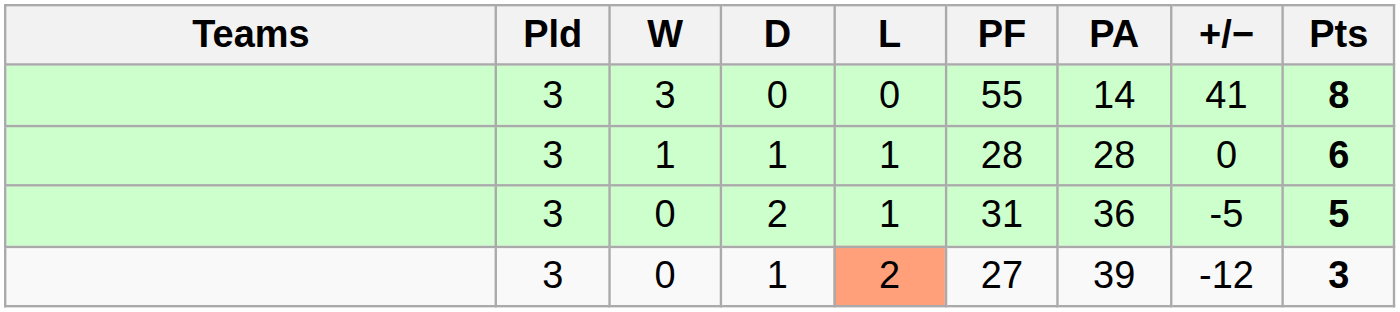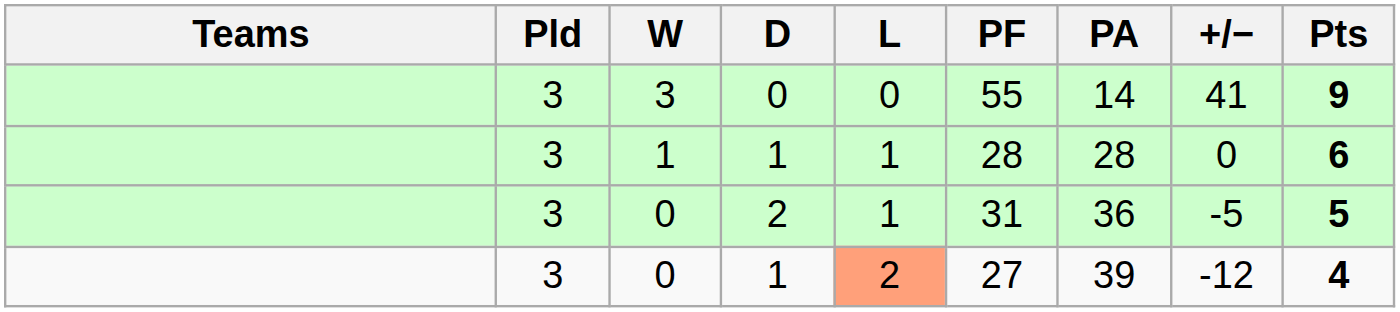 <table class="wikitable" style="text-align: center;">
 <tr>
 <th style="width:200px;">Teams</th>
 <th width="40">Pld</th>
 <th width="40">W</th>
 <th width="40">D</th>
 <th width="40">L</th>
 <th width="40">PF</th>
 <th width="40">PA</th>
 <th width="40">+/−</th>
 <th width="40">Pts</th>
 </tr>
 <tr bgcolor=ccffcc>
 <td align=left><strong></strong></td>
 <td>3</td>
 <td>3</td>
 <td>0</td>
 <td>0</td>
 <td>55</td>
 <td>14</td>
 <td>41</td>
-<td><strong>8</strong></td>
+<td><strong>9</strong></td>
 </tr>
 <tr bgcolor=ccffcc>
 <td align=left><strong></strong></td>
 <td>3</td>
 <td>1</td>
 <td>1</td>
 <td>1</td>
 <td>28</td>
 <td>28</td>
 <td>0</td>
 <td><strong>6</strong></td>
 </tr>
 <tr bgcolor=ccffcc>
 <td align=left><strong></strong></td>
 <td>3</td>
 <td>0</td>
 <td>2</td>
 <td>1</td>
 <td>31</td>
 <td>36</td>
 <td>-5</td>
 <td><strong>5</strong></td>
 </tr>
 <tr>
 <td align=left></td>
 <td>3</td>
 <td>0</td>
 <td>1</td>
 <td style="background: lightsalmon;">2</td>
 <td>27</td>
 <td>39</td>
 <td>-12</td>
-<td><strong>3</strong></td>
+<td><strong>4</strong></td>
 </tr>
 </table>
